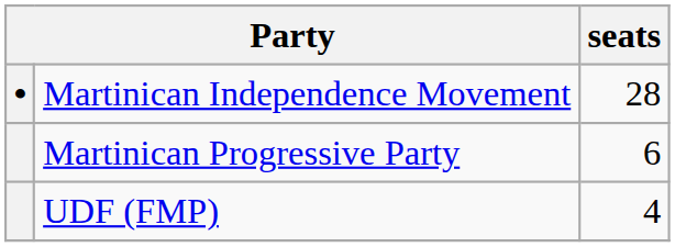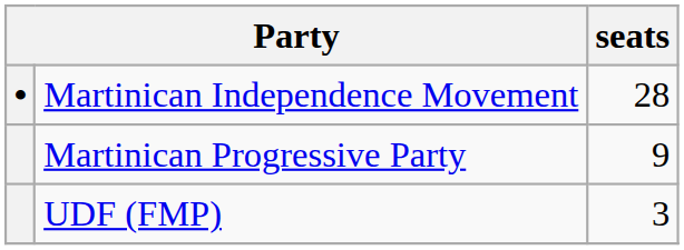 <table class="wikitable" style="font-size: 95%;">
 <tr>
 <th colspan=2>Party</th>
 <th>seats</th>
 </tr>
 <tr>
 <th style="background-color: "><span>•</span></th>
 <td><a href='#'>Martinican Independence Movement</a></td>
 <td align="right">28</td>
 </tr>
 <tr>
 <th style="background-color: "></th>
 <td><a href='#'>Martinican Progressive Party</a></td>
-<td align="right">6</td>
+<td align="right">9</td>
 </tr>
 <tr>
 <th style="background-color: "></th>
 <td><a href='#'>UDF (FMP)</a></td>
-<td align="right">4</td>
+<td align="right">3</td>
 </tr>
 <tr>
 </tr>
 </table>
